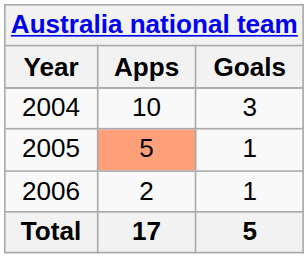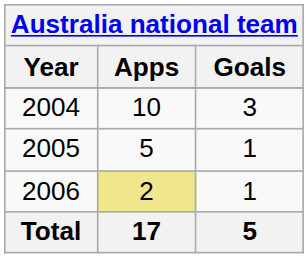 <table class="wikitable" style="text-align:center">
 <tr>
 <th colspan=3><a href='#'>Australia national team</a></th>
 </tr>
 <tr>
 <th>Year</th>
 <th>Apps</th>
 <th>Goals</th>
 </tr>
 <tr>
 </tr>
 <tr>
 <td>2004</td>
 <td>10</td>
 <td>3</td>
 </tr>
 <tr>
 <td>2005</td>
-<td style="background: lightsalmon;">5</td>
+<td>5</td>
 <td>1</td>
 </tr>
 <tr>
 <td>2006</td>
-<td>2</td>
+<td style="background: khaki;">2</td>
 <td>1</td>
 </tr>
 <tr>
 <th>Total</th>
 <th>17</th>
 <th>5</th>
 </tr>
 </table>
